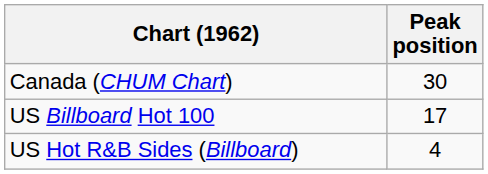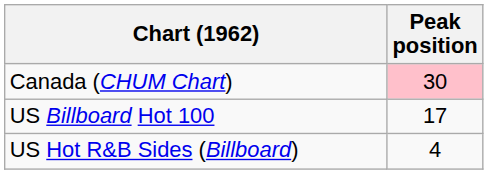 <table class="wikitable sortable">
 <tr>
 <th scope="col" style="width:17em;">Chart (1962)</th>
 <th scope="col">Peak<br>position</th>
 </tr>
 <tr>
 <td>Canada (<em><a href='#'>CHUM Chart</a></em>)</td>
-<td style="text-align:center;">30</td>
+<td style="background: pink; text-align:center;">30</td>
 </tr>
 <tr>
 <td>US <em><a href='#'>Billboard</a></em> <a href='#'>Hot 100</a></td>
 <td style="text-align:center;">17</td>
 </tr>
 <tr>
 <td>US <a href='#'>Hot R&B Sides</a> (<em><a href='#'>Billboard</a></em>)</td>
 <td style="text-align:center;">4</td>
 </tr>
 </table>
